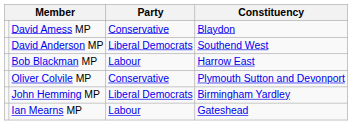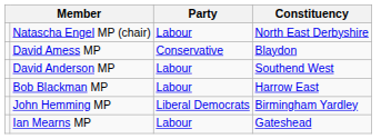 <table class="wikitable">
 <tr>
 <th colspan="2" valign="top">Member</th>
 <th valign="top">Party</th>
 <th valign="top">Constituency</th>
+</tr>
+<tr>
+<td style="color:inherit;background:"></td>
+<td><a href='#'>Natascha Engel</a> MP (chair)</td>
+<td><a href='#'>Labour</a></td>
+<td><a href='#'>North East Derbyshire</a></td>
 </tr>
 <tr>
 <td style="color:inherit;background:"></td>
 <td><a href='#'>David Amess</a> MP</td>
 <td><a href='#'>Conservative</a></td>
 <td><a href='#'>Blaydon</a></td>
 </tr>
 <tr>
 <td style="color:inherit;background:"></td>
 <td><a href='#'>David Anderson</a> MP</td>
-<td><a href='#'>Liberal Democrats</a></td>
+<td><a href='#'>Labour</a></td>
 <td><a href='#'>Southend West</a></td>
 </tr>
 <tr>
 <td style="color:inherit;background:"></td>
 <td><a href='#'>Bob Blackman</a> MP</td>
 <td><a href='#'>Labour</a></td>
 <td><a href='#'>Harrow East</a></td>
-</tr>
-<tr>
-<td style="color:inherit;background:"></td>
-<td><a href='#'>Oliver Colvile</a> MP</td>
-<td><a href='#'>Conservative</a></td>
-<td><a href='#'>Plymouth Sutton and Devonport</a></td>
 </tr>
 <tr>
 <td style="color:inherit;background:"></td>
 <td><a href='#'>John Hemming</a> MP</td>
 <td><a href='#'>Liberal Democrats</a></td>
 <td><a href='#'>Birmingham Yardley</a></td>
 </tr>
 <tr>
 <td style="color:inherit;background:"></td>
 <td><a href='#'>Ian Mearns</a> MP</td>
 <td><a href='#'>Labour</a></td>
 <td><a href='#'>Gateshead</a></td>
 </tr>
 </table>
